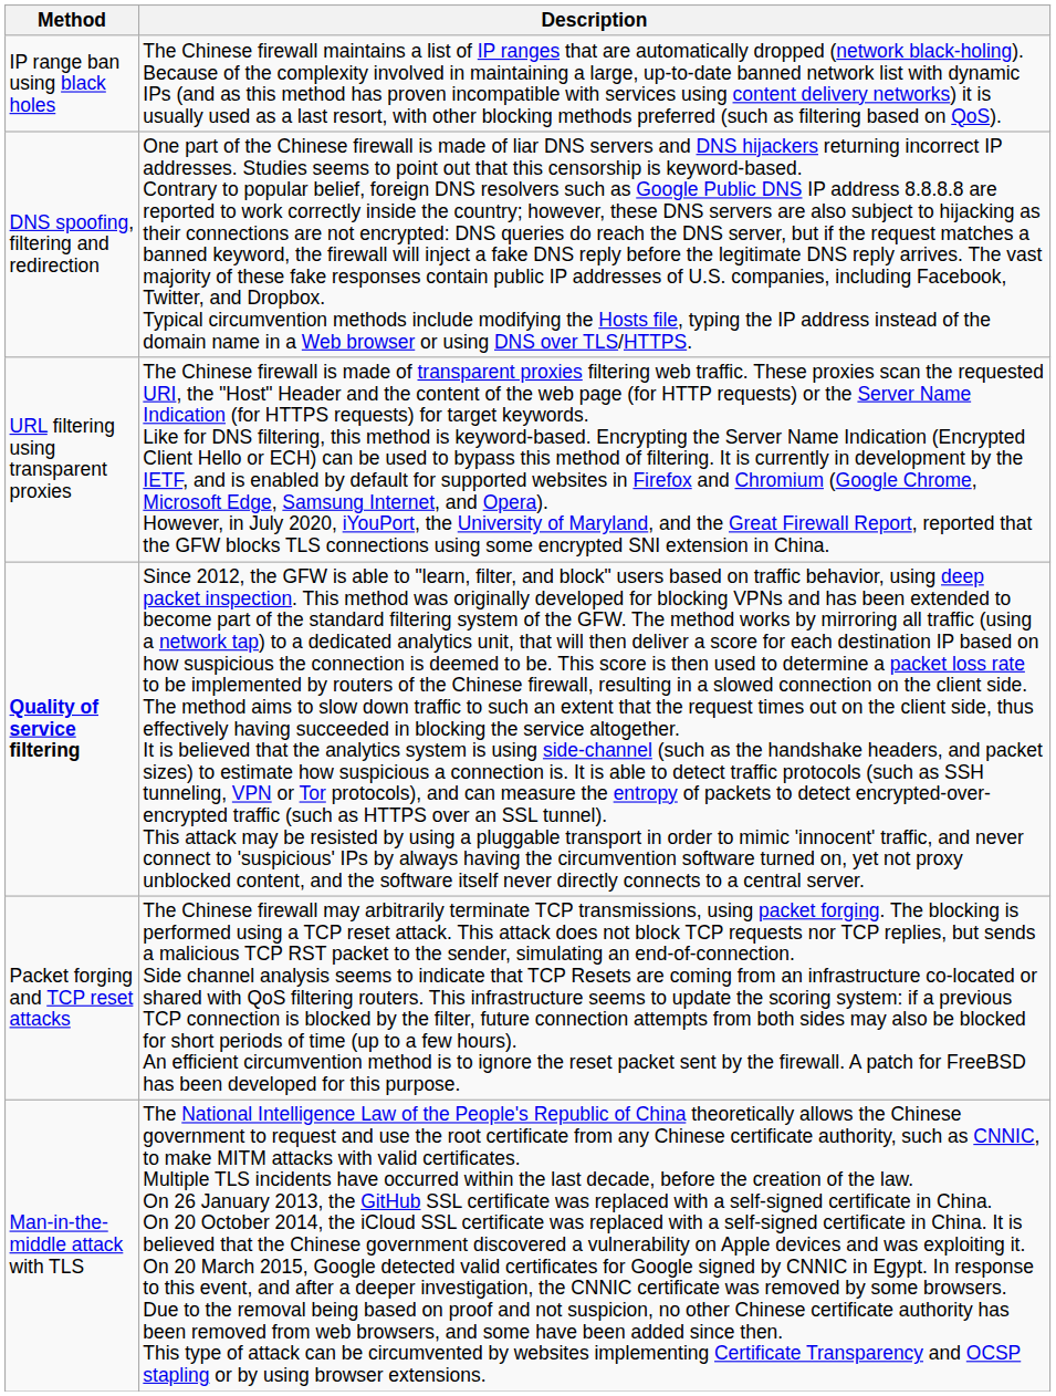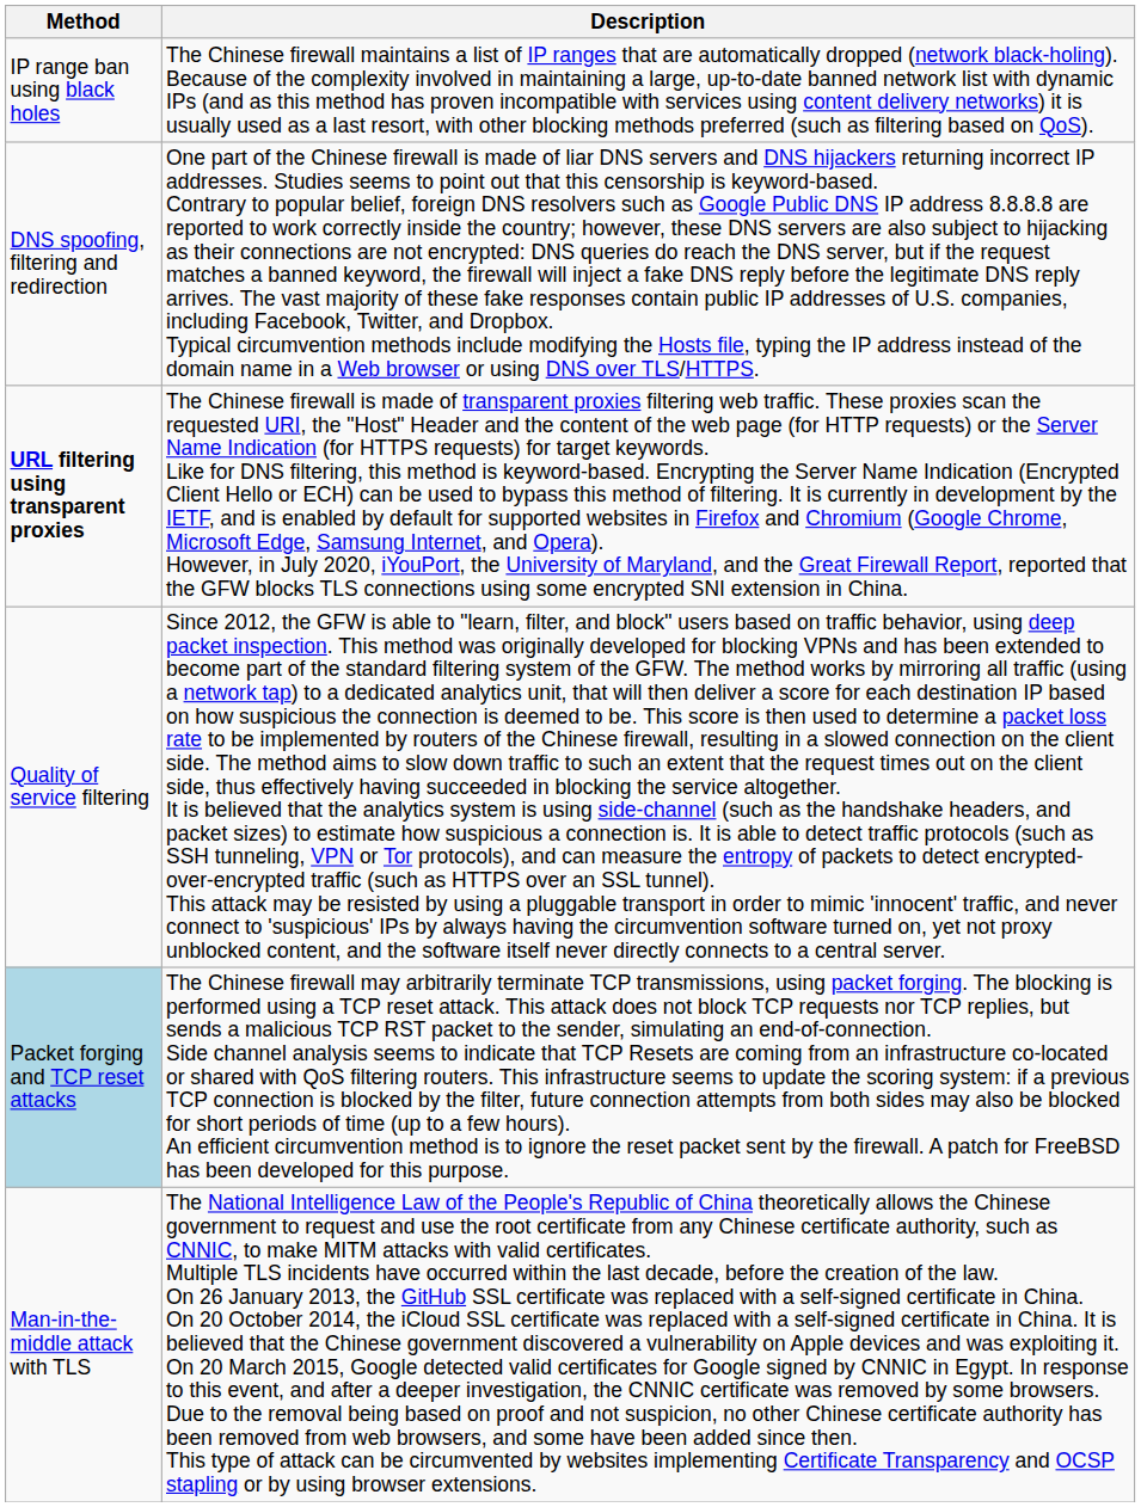 <table class="wikitable">
 <tr>
 <th>Method</th>
 <th>Description</th>
 </tr>
 <tr>
 <td>IP range ban using <a href='#'>black holes</a></td>
 <td>The Chinese firewall maintains a list of <a href='#'>IP ranges</a> that are automatically dropped (<a href='#'>network black-holing</a>).<br>Because of the complexity involved in maintaining a large, up-to-date banned network list with dynamic IPs (and as this method has proven incompatible with services using <a href='#'>content delivery networks</a>) it is usually used as a last resort, with other blocking methods preferred (such as filtering based on <a href='#'>QoS</a>).</td>
 </tr>
 <tr>
 <td><a href='#'>DNS spoofing</a>, filtering and redirection</td>
 <td>One part of the Chinese firewall is made of liar DNS servers and <a href='#'>DNS hijackers</a> returning incorrect IP addresses. Studies seems to point out that this censorship is keyword-based.<br>Contrary to popular belief, foreign DNS resolvers such as <a href='#'>Google Public DNS</a> IP address 8.8.8.8 are reported to work correctly inside the country; however, these DNS servers are also subject to hijacking as their connections are not encrypted: DNS queries do reach the DNS server, but if the request matches a banned keyword, the firewall will inject a fake DNS reply before the legitimate DNS reply arrives. The vast majority of these fake responses contain public IP addresses of U.S. companies, including Facebook, Twitter, and Dropbox.<br>Typical circumvention methods include modifying the <a href='#'>Hosts file</a>, typing the IP address instead of the domain name in a <a href='#'>Web browser</a> or using <a href='#'>DNS over TLS</a>/<a href='#'>HTTPS</a>.</td>
 </tr>
 <tr>
-<td><a href='#'>URL</a> filtering using transparent proxies</td>
+<td><strong><a href='#'>URL</a> filtering using transparent proxies</strong></td>
 <td>The Chinese firewall is made of <a href='#'>transparent proxies</a> filtering web traffic. These proxies scan the requested <a href='#'>URI</a>, the "Host" Header and the content of the web page (for HTTP requests) or the <a href='#'>Server Name Indication</a> (for HTTPS requests) for target keywords.<br>Like for DNS filtering, this method is keyword-based. Encrypting the Server Name Indication (Encrypted Client Hello or ECH) can be used to bypass this method of filtering. It is currently in development by the <a href='#'>IETF</a>, and is enabled by default for supported websites in <a href='#'>Firefox</a> and <a href='#'>Chromium</a> (<a href='#'>Google Chrome</a>, <a href='#'>Microsoft Edge</a>, <a href='#'>Samsung Internet</a>, and <a href='#'>Opera</a>).<br>However, in July 2020, <a href='#'>iYouPort</a>, the <a href='#'>University of Maryland</a>, and the <a href='#'>Great Firewall Report</a>, reported that the GFW blocks TLS connections using some encrypted SNI extension in China.</td>
 </tr>
 <tr>
-<td><strong><a href='#'>Quality of service</a> filtering</strong></td>
+<td><a href='#'>Quality of service</a> filtering</td>
 <td>Since 2012, the GFW is able to "learn, filter, and block" users based on traffic behavior, using <a href='#'>deep packet inspection</a>. This method was originally developed for blocking VPNs and has been extended to become part of the standard filtering system of the GFW. The method works by mirroring all traffic (using a <a href='#'>network tap</a>) to a dedicated analytics unit, that will then deliver a score for each destination IP based on how suspicious the connection is deemed to be. This score is then used to determine a <a href='#'>packet loss rate</a> to be implemented by routers of the Chinese firewall, resulting in a slowed connection on the client side. The method aims to slow down traffic to such an extent that the request times out on the client side, thus effectively having succeeded in blocking the service altogether.<br>It is believed that the analytics system is using <a href='#'>side-channel</a> (such as the handshake headers, and packet sizes) to estimate how suspicious a connection is. It is able to detect traffic protocols (such as SSH tunneling, <a href='#'>VPN</a> or <a href='#'>Tor</a> protocols), and can measure the <a href='#'>entropy</a> of packets to detect encrypted-over-encrypted traffic (such as HTTPS over an SSL tunnel).<br>This attack may be resisted by using a pluggable transport in order to mimic 'innocent' traffic, and never connect to 'suspicious' IPs by always having the circumvention software turned on, yet not proxy unblocked content, and the software itself never directly connects to a central server.</td>
 </tr>
 <tr>
-<td>Packet forging and <a href='#'>TCP reset attacks</a></td>
+<td style="background: lightblue;">Packet forging and <a href='#'>TCP reset attacks</a></td>
 <td>The Chinese firewall may arbitrarily terminate TCP transmissions, using <a href='#'>packet forging</a>. The blocking is performed using a TCP reset attack. This attack does not block TCP requests nor TCP replies, but sends a malicious TCP RST packet to the sender, simulating an end-of-connection.<br>Side channel analysis seems to indicate that TCP Resets are coming from an infrastructure co-located or shared with QoS filtering routers. This infrastructure seems to update the scoring system: if a previous TCP connection is blocked by the filter, future connection attempts from both sides may also be blocked for short periods of time (up to a few hours).<br>An efficient circumvention method is to ignore the reset packet sent by the firewall. A patch for FreeBSD has been developed for this purpose.</td>
 </tr>
 <tr>
 <td><a href='#'>Man-in-the-middle attack</a> with TLS</td>
 <td>The <a href='#'>National Intelligence Law of the People's Republic of China</a> theoretically allows the Chinese government to request and use the root certificate from any Chinese certificate authority, such as <a href='#'>CNNIC</a>, to make MITM attacks with valid certificates.<br>Multiple TLS incidents have occurred within the last decade, before the creation of the law.<br>On 26 January 2013, the <a href='#'>GitHub</a> SSL certificate was replaced with a self-signed certificate in China.<br>On 20 October 2014, the iCloud SSL certificate was replaced with a self-signed certificate in China. It is believed that the Chinese government discovered a vulnerability on Apple devices and was exploiting it.<br>On 20 March 2015, Google detected valid certificates for Google signed by CNNIC in Egypt. In response to this event, and after a deeper investigation, the CNNIC certificate was removed by some browsers. Due to the removal being based on proof and not suspicion, no other Chinese certificate authority has been removed from web browsers, and some have been added since then.<br>This type of attack can be circumvented by websites implementing <a href='#'>Certificate Transparency</a> and <a href='#'>OCSP stapling</a> or by using browser extensions.</td>
 </tr>
 </table>
